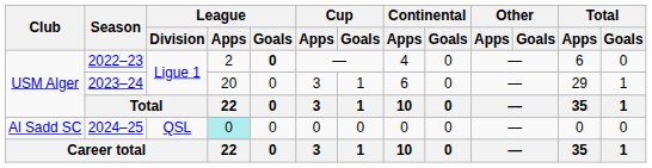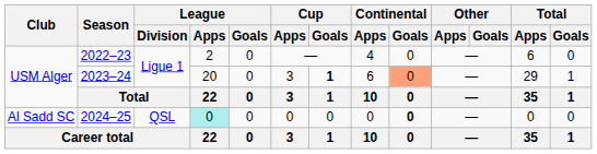 <table class="wikitable" style="text-align: center">
 <tr>
 <th rowspan="2">Club</th>
 <th rowspan="2">Season</th>
 <th colspan="3">League</th>
 <th colspan="2">Cup</th>
 <th colspan="2">Continental</th>
 <th colspan="2">Other</th>
 <th colspan="2">Total</th>
 </tr>
 <tr>
 <th>Division</th>
 <th>Apps</th>
 <th>Goals</th>
 <th>Apps</th>
 <th>Goals</th>
 <th>Apps</th>
 <th>Goals</th>
 <th>Apps</th>
 <th>Goals</th>
 <th>Apps</th>
 <th>Goals</th>
 </tr>
 <tr>
 <td rowspan="3" valign="center"><a href='#'>USM Alger</a></td>
 <td><a href='#'>2022–23</a></td>
 <td rowspan=2><a href='#'>Ligue 1</a></td>
 <td>2</td>
-<td><strong>0</strong></td>
+<td>0</td>
 <td colspan=2>—</td>
 <td>4</td>
 <td>0</td>
 <td colspan=2>—</td>
 <td>6</td>
 <td>0</td>
 </tr>
 <tr>
 <td><a href='#'>2023–24</a></td>
 <td>20</td>
 <td>0</td>
 <td>3</td>
-<td>1</td>
+<td><strong>1</strong></td>
 <td>6</td>
-<td>0</td>
+<td style="background: lightsalmon;">0</td>
 <td colspan=2>—</td>
 <td>29</td>
 <td>1</td>
 </tr>
 <tr>
 <th colspan="2">Total</th>
 <th>22</th>
 <th>0</th>
 <th>3</th>
 <th>1</th>
 <th>10</th>
 <th>0</th>
 <th colspan=2>—</th>
 <th>35</th>
 <th>1</th>
 </tr>
 <tr>
 <td valign="center"><a href='#'>Al Sadd SC</a></td>
 <td><a href='#'>2024–25</a></td>
 <td><a href='#'>QSL</a></td>
 <td style="background: paleturquoise;">0</td>
 <td>0</td>
 <td>0</td>
 <td>0</td>
 <td>0</td>
-<td>0</td>
+<td><strong>0</strong></td>
 <td colspan=2>—</td>
 <td>0</td>
 <td>0</td>
 </tr>
 <tr>
 <th colspan="3">Career total</th>
 <th>22</th>
 <th>0</th>
 <th>3</th>
 <th>1</th>
 <th>10</th>
 <th>0</th>
 <th colspan=2>—</th>
 <th>35</th>
 <th>1</th>
 </tr>
 </table>
